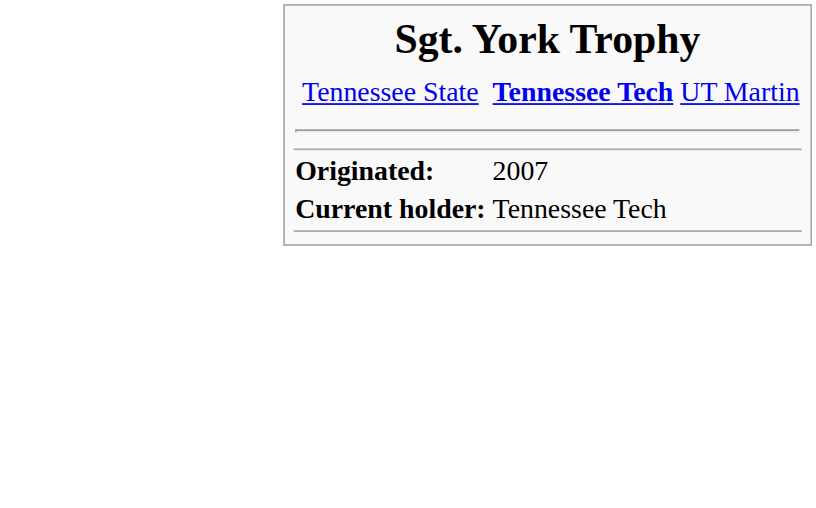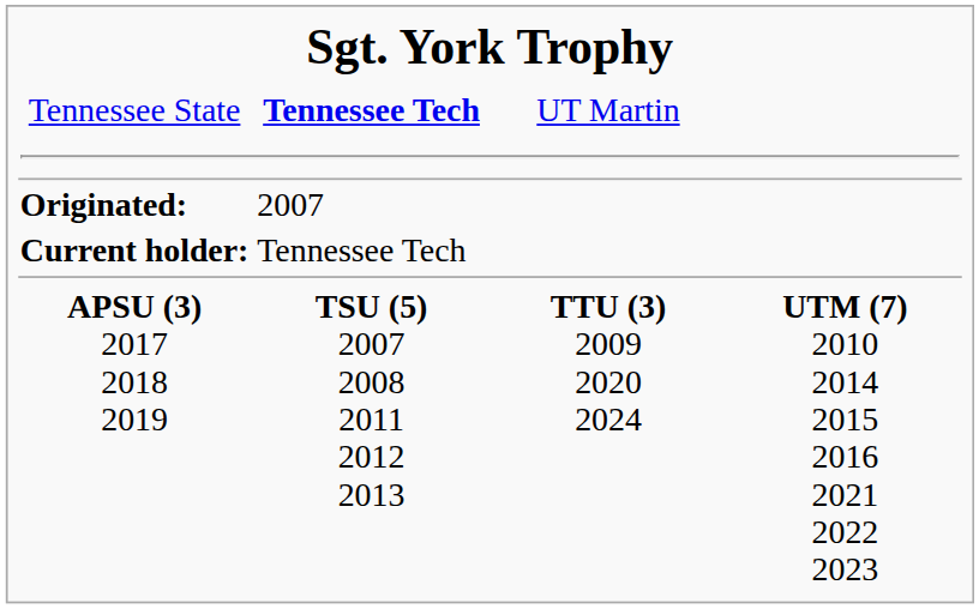 <table class="infobox">
 <tr>
 <td colspan="4" style="text-align: center; font-size: 150%;"><strong>Sgt. York Trophy</strong></td>
 </tr>
 <tr>
 <td style="vertical-align:middle; text-align:center;"></td>
 <td style="vertical-align:middle; text-align:center;"></td>
 <td style="vertical-align:middle; text-align:center;"></td>
 </tr>
 <tr style="text-align:center;">
 <td><a href='#'>Tennessee State</a></td>
 <td><strong><a href='#'>Tennessee Tech</a></strong></td>
 <td><a href='#'>UT Martin</a></td>
 </tr>
 <tr>
 <td colspan="4" style="border-bottom: 1px solid #aaa;"><hr></td>
 </tr>
 <tr>
 <td><strong>Originated:</strong></td>
 <td colspan="2">2007</td>
 </tr>
 <tr>
 <td><strong>Current holder:</strong></td>
 <td colspan="2">Tennessee Tech</td>
 </tr>
 <tr>
 <td colspan="4" style="text-align: center; border-top: 1px solid #aaa;"></td>
 </tr>
+<tr style="text-align:center; vertical-align:top;">
+<td style="width:25%;"><strong>APSU (3)</strong><br>2017<br>2018<br>2019</td>
+<td style="width:25%;"><strong>TSU (5)</strong><br>2007<br>2008<br>2011<br>2012<br>2013</td>
+<td style="width:25%;"><strong>TTU (3)</strong><br>2009<br>2020<br>2024</td>
+<td style="width:25%;"><strong>UTM (7)</strong><br>2010<br>2014<br>2015<br>2016<br>2021<br>2022<br>2023</td>
+</tr>
 </table>
